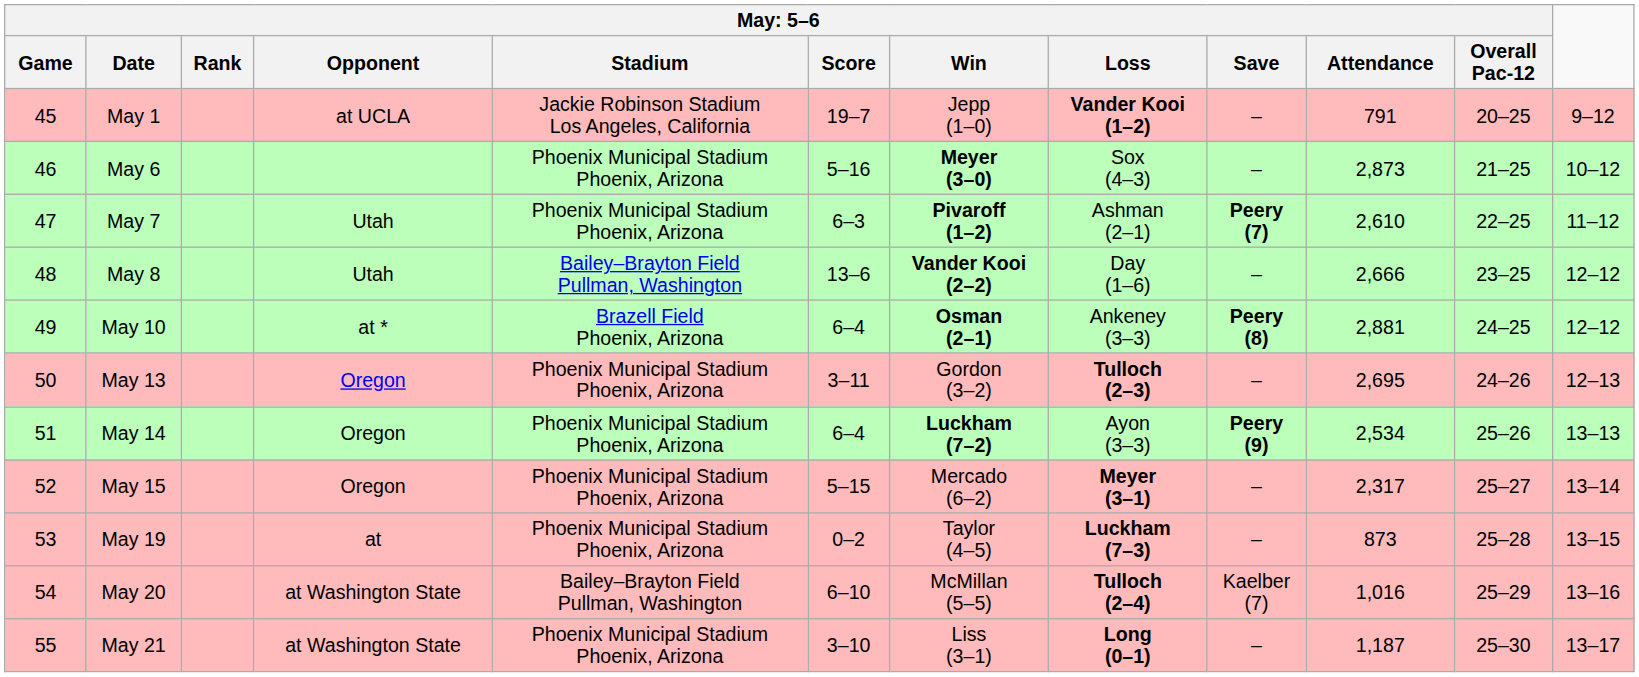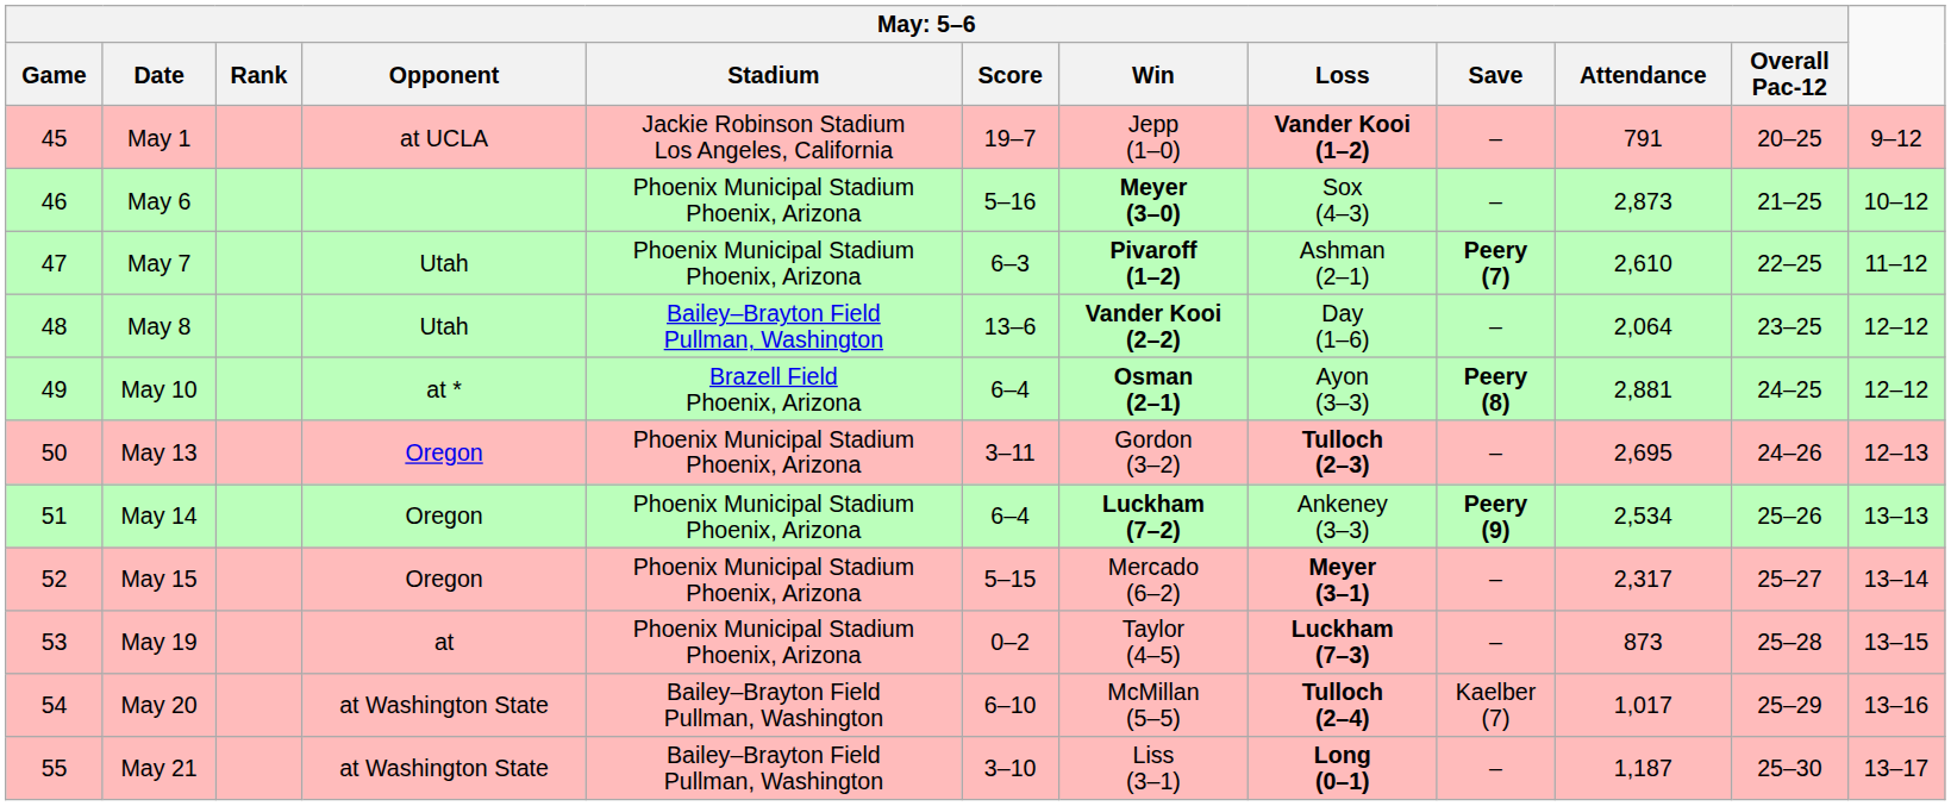 <table class="wikitable collapsible collapsed" style="margin:auto; width:100%; text-align:center; font-size:95%">
 <tr>
 <th colspan=11>May: 5–6</th>
 </tr>
 <tr>
 <th>Game</th>
 <th>Date</th>
 <th>Rank</th>
 <th>Opponent</th>
 <th>Stadium</th>
 <th>Score</th>
 <th>Win</th>
 <th>Loss</th>
 <th>Save</th>
 <th>Attendance</th>
 <th>Overall<br>Pac-12</th>
 </tr>
 <tr style="background:#fbb;">
 <td>45</td>
 <td>May 1</td>
 <td></td>
 <td>at UCLA</td>
 <td>Jackie Robinson Stadium<br>Los Angeles, California</td>
 <td>19–7</td>
 <td>Jepp<br>(1–0)</td>
 <td><strong>Vander Kooi<br>(1–2)</strong></td>
 <td>–</td>
 <td>791</td>
 <td>20–25</td>
 <td>9–12</td>
 </tr>
 <tr style="background:#bfb;">
 <td>46</td>
 <td>May 6</td>
 <td></td>
 <td></td>
 <td>Phoenix Municipal Stadium<br>Phoenix, Arizona</td>
 <td>5–16</td>
 <td><strong>Meyer<br>(3–0)</strong></td>
 <td>Sox<br>(4–3)</td>
 <td>–</td>
 <td>2,873</td>
 <td>21–25</td>
 <td>10–12</td>
 </tr>
 <tr style="background:#bfb;">
 <td>47</td>
 <td>May 7</td>
 <td></td>
 <td>Utah</td>
 <td>Phoenix Municipal Stadium<br>Phoenix, Arizona</td>
 <td>6–3</td>
 <td><strong>Pivaroff<br>(1–2)</strong></td>
 <td>Ashman<br>(2–1)</td>
 <td><strong>Peery<br>(7)</strong></td>
 <td>2,610</td>
 <td>22–25</td>
 <td>11–12</td>
 </tr>
 <tr style="background:#bfb;">
 <td>48</td>
 <td>May 8</td>
 <td></td>
 <td>Utah</td>
 <td><a href='#'>Bailey–Brayton Field</a><br><a href='#'>Pullman, Washington</a></td>
 <td>13–6</td>
 <td><strong>Vander Kooi<br>(2–2)</strong></td>
 <td>Day<br>(1–6)</td>
 <td>–</td>
-<td>2,666</td>
+<td>2,064</td>
 <td>23–25</td>
 <td>12–12</td>
 </tr>
 <tr style="background:#bfb;">
 <td>49</td>
 <td>May 10</td>
 <td></td>
 <td>at *</td>
 <td><a href='#'>Brazell Field</a><br>Phoenix, Arizona</td>
 <td>6–4</td>
 <td><strong>Osman<br>(2–1)</strong></td>
-<td>Ankeney<br>(3–3)</td>
+<td>Ayon<br>(3–3)</td>
 <td><strong>Peery<br>(8)</strong></td>
 <td>2,881</td>
 <td>24–25</td>
 <td>12–12</td>
 </tr>
 <tr style="background:#fbb;">
 <td>50</td>
 <td>May 13</td>
 <td></td>
 <td><a href='#'>Oregon</a></td>
 <td>Phoenix Municipal Stadium<br>Phoenix, Arizona</td>
 <td>3–11</td>
 <td>Gordon<br>(3–2)</td>
 <td><strong>Tulloch<br>(2–3)</strong></td>
 <td>–</td>
 <td>2,695</td>
 <td>24–26</td>
 <td>12–13</td>
 </tr>
 <tr style="background:#bfb;">
 <td>51</td>
 <td>May 14</td>
 <td></td>
 <td>Oregon</td>
 <td>Phoenix Municipal Stadium<br>Phoenix, Arizona</td>
 <td>6–4</td>
 <td><strong>Luckham<br>(7–2)</strong></td>
-<td>Ayon<br>(3–3)</td>
+<td>Ankeney<br>(3–3)</td>
 <td><strong>Peery<br>(9)</strong></td>
 <td>2,534</td>
 <td>25–26</td>
 <td>13–13</td>
 </tr>
 <tr style="background:#fbb;">
 <td>52</td>
 <td>May 15</td>
 <td></td>
 <td>Oregon</td>
 <td>Phoenix Municipal Stadium<br>Phoenix, Arizona</td>
 <td>5–15</td>
 <td>Mercado<br>(6–2)</td>
 <td><strong>Meyer<br>(3–1)</strong></td>
 <td>–</td>
 <td>2,317</td>
 <td>25–27</td>
 <td>13–14</td>
 </tr>
 <tr style="background:#fbb;">
 <td>53</td>
 <td>May 19</td>
 <td></td>
 <td>at </td>
 <td>Phoenix Municipal Stadium<br>Phoenix, Arizona</td>
 <td>0–2</td>
 <td>Taylor<br>(4–5)</td>
 <td><strong>Luckham<br>(7–3)</strong></td>
 <td>–</td>
 <td>873</td>
 <td>25–28</td>
 <td>13–15</td>
 </tr>
 <tr style="background:#fbb;">
 <td>54</td>
 <td>May 20</td>
 <td></td>
 <td>at Washington State</td>
 <td>Bailey–Brayton Field<br>Pullman, Washington</td>
 <td>6–10</td>
 <td>McMillan<br>(5–5)</td>
 <td><strong>Tulloch<br>(2–4)</strong></td>
 <td>Kaelber<br>(7)</td>
-<td>1,016</td>
+<td>1,017</td>
 <td>25–29</td>
 <td>13–16</td>
 </tr>
 <tr style="background:#fbb;">
 <td>55</td>
 <td>May 21</td>
 <td></td>
 <td>at Washington State</td>
-<td>Phoenix Municipal Stadium<br>Phoenix, Arizona</td>
+<td>Bailey–Brayton Field<br>Pullman, Washington</td>
 <td>3–10</td>
 <td>Liss<br>(3–1)</td>
 <td><strong>Long<br>(0–1)</strong></td>
 <td>–</td>
 <td>1,187</td>
 <td>25–30</td>
 <td>13–17</td>
 </tr>
 </table>
